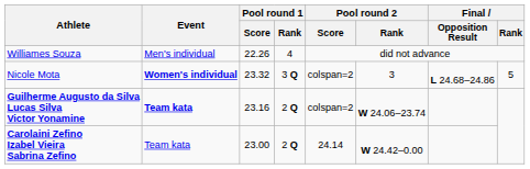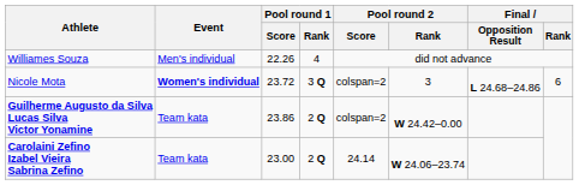 <table class=wikitable style=font-size:90%;text-align:center>
 <tr>
 <th rowspan=2>Athlete</th>
 <th rowspan=2>Event</th>
 <th colspan=2>Pool round 1</th>
 <th colspan=2>Pool round 2</th>
 <th colspan=2>Final / </th>
 </tr>
 <tr style=font-size:95%>
 <th>Score</th>
 <th>Rank</th>
 <th>Score</th>
 <th>Rank</th>
 <th>Opposition<br>Result</th>
 <th>Rank</th>
 </tr>
 <tr>
 <td align=left><a href='#'>Williames Souza</a></td>
 <td align=left><a href='#'>Men's individual</a></td>
 <td>22.26</td>
 <td>4</td>
 <td colspan=4>did not advance</td>
 </tr>
 <tr>
 <td align=left><a href='#'>Nicole Mota</a></td>
 <td align=left><strong><a href='#'>Women's individual</a></strong></td>
-<td>23.32</td>
+<td>23.72</td>
 <td>3 <strong>Q</strong></td>
 <td>colspan=2 </td>
 <td>3</td>
 <td><br><strong>L</strong> 24.68–24.86</td>
-<td>5</td>
+<td>6</td>
 </tr>
 <tr>
 <td align=left><strong><a href='#'>Guilherme Augusto da Silva</a></strong><br><strong><a href='#'>Lucas Silva</a></strong><br><strong><a href='#'>Victor Yonamine</a></strong></td>
-<td align=left><strong><a href='#'>Team kata</a></strong></td>
-<td>23.16</td>
+<td align=left><a href='#'>Team kata</a></td>
+<td>23.86</td>
 <td>2 <strong>Q</strong></td>
 <td>colspan=2 </td>
-<td><br> <strong>W</strong> 24.06–23.74</td>
+<td><br> <strong>W</strong> 24.42–0.00</td>
 <td></td>
 </tr>
 <tr>
 <td align=left><strong><a href='#'>Carolaini Zefino</a></strong><br><strong><a href='#'>Izabel Vieira</a></strong><br><strong><a href='#'>Sabrina Zefino</a></strong></td>
 <td align=left><a href='#'>Team kata</a></td>
 <td>23.00</td>
 <td>2 <strong>Q</strong></td>
 <td>24.14</td>
-<td><br> <strong>W</strong> 24.42–0.00</td>
+<td><br> <strong>W</strong> 24.06–23.74</td>
 <td></td>
 </tr>
 </table>
